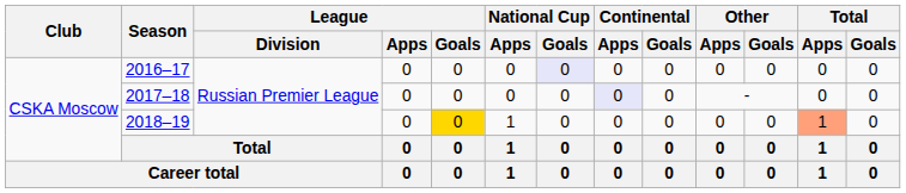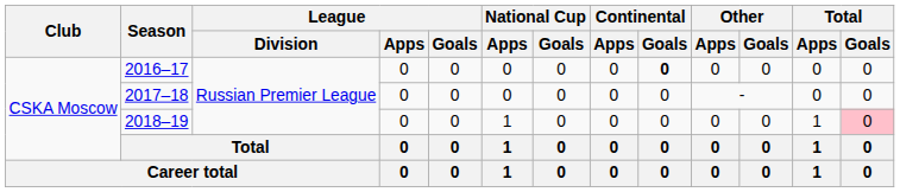 <table class="wikitable" style="text-align: center;">
 <tr>
 <th rowspan="2">Club</th>
 <th rowspan="2">Season</th>
 <th colspan="3">League</th>
 <th colspan="2">National Cup</th>
 <th colspan="2">Continental</th>
 <th colspan="2">Other</th>
 <th colspan="2">Total</th>
 </tr>
 <tr>
 <th>Division</th>
 <th>Apps</th>
 <th>Goals</th>
 <th>Apps</th>
 <th>Goals</th>
 <th>Apps</th>
 <th>Goals</th>
 <th>Apps</th>
 <th>Goals</th>
 <th>Apps</th>
 <th>Goals</th>
 </tr>
 <tr>
 <td rowspan="4" valign="center"><a href='#'>CSKA Moscow</a></td>
 <td><a href='#'>2016–17</a></td>
 <td rowspan="3" valign="center"><a href='#'>Russian Premier League</a></td>
 <td>0</td>
 <td>0</td>
 <td>0</td>
-<td style="background: lavender;">0</td>
 <td>0</td>
 <td>0</td>
+<td><strong>0</strong></td>
 <td>0</td>
 <td>0</td>
 <td>0</td>
 <td>0</td>
 </tr>
 <tr>
 <td><a href='#'>2017–18</a></td>
 <td>0</td>
 <td>0</td>
 <td>0</td>
 <td>0</td>
-<td style="background: lavender;">0</td>
+<td>0</td>
 <td>0</td>
 <td colspan="2">-</td>
 <td>0</td>
 <td>0</td>
 </tr>
 <tr>
 <td><a href='#'>2018–19</a></td>
 <td>0</td>
-<td style="background: gold;">0</td>
+<td>0</td>
 <td>1</td>
 <td>0</td>
 <td>0</td>
 <td>0</td>
 <td>0</td>
 <td>0</td>
-<td style="background: lightsalmon;">1</td>
-<td>0</td>
+<td>1</td>
+<td style="background: pink;">0</td>
 </tr>
 <tr>
 <th colspan="2">Total</th>
 <th>0</th>
 <th>0</th>
 <th>1</th>
 <th>0</th>
 <th>0</th>
 <th>0</th>
 <th>0</th>
 <th>0</th>
 <th>1</th>
 <th>0</th>
 </tr>
 <tr>
 <th colspan="3">Career total</th>
 <th>0</th>
 <th>0</th>
 <th>1</th>
 <th>0</th>
 <th>0</th>
 <th>0</th>
 <th>0</th>
 <th>0</th>
 <th>1</th>
 <th>0</th>
 </tr>
 </table>
